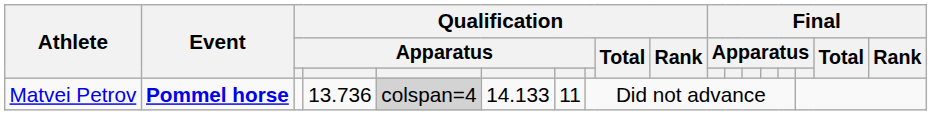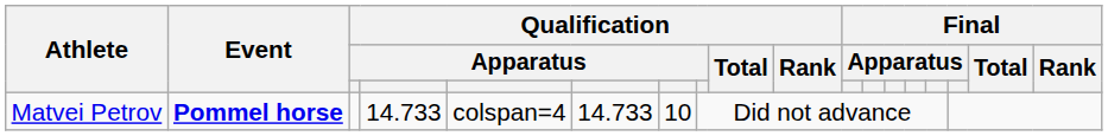 <table class="wikitable" style="font-size:90%">
 <tr>
 <th rowspan=3>Athlete</th>
 <th rowspan=3>Event</th>
 <th colspan =8>Qualification</th>
 <th colspan =8>Final</th>
 </tr>
 <tr style="font-size:95%">
 <th colspan=6>Apparatus</th>
 <th rowspan=2>Total</th>
 <th rowspan=2>Rank</th>
 <th colspan=6>Apparatus</th>
 <th rowspan=2>Total</th>
 <th rowspan=2>Rank</th>
 </tr>
 <tr style="font-size:95%">
 <th></th>
 <th></th>
 <th></th>
 <th></th>
 <th></th>
 <th></th>
 <th></th>
 <th></th>
 <th></th>
 <th></th>
 <th></th>
 <th></th>
 </tr>
 <tr align=center>
 <td align=left><a href='#'>Matvei Petrov</a></td>
 <td align=left><strong><a href='#'>Pommel horse</a></strong></td>
 <td></td>
-<td>13.736</td>
-<td style="background: lightgrey;">colspan=4 </td>
-<td>14.133</td>
-<td>11</td>
+<td>14.733</td>
+<td>colspan=4 </td>
+<td>14.733</td>
+<td>10</td>
 <td colspan=8>Did not advance</td>
 </tr>
 </table>
